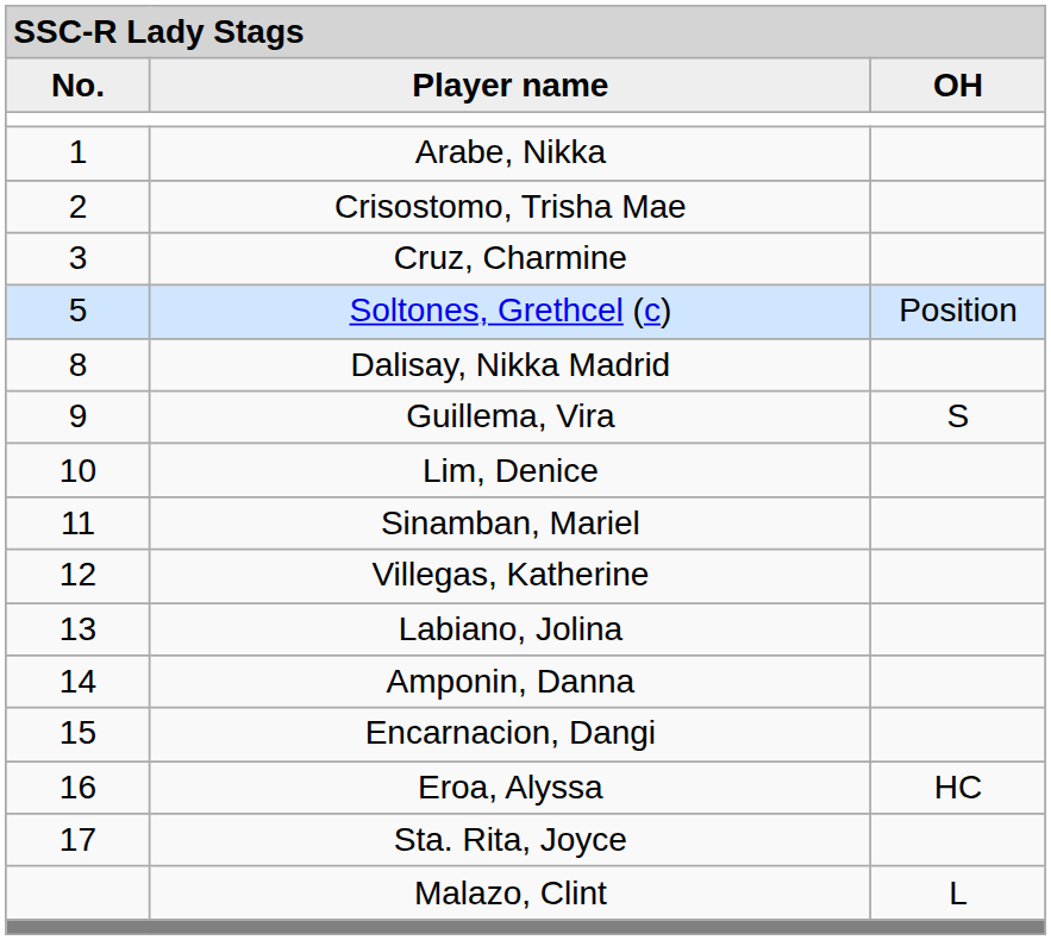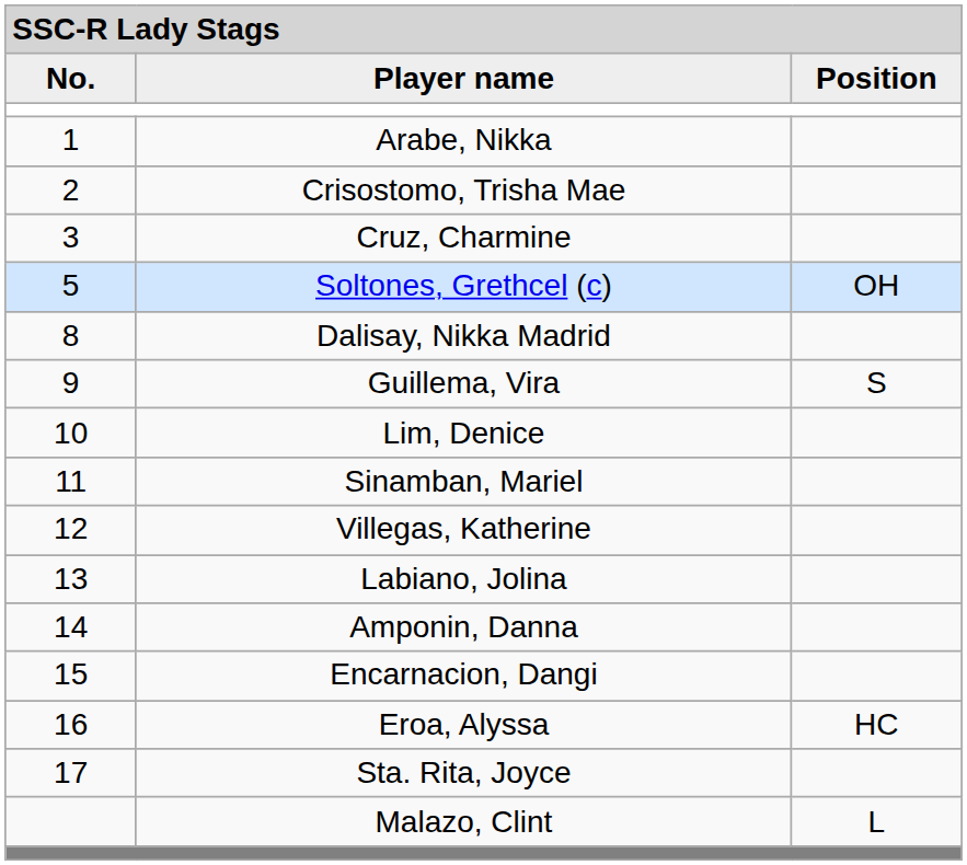 <table class='wikitable mw-collapsible mw-collapsed' style='text-align: center; width: 500px; border: none;'>
 <tr>
 <th style="background:#D4D4D4; text-align:left;" colspan=3> SSC-R Lady Stags</th>
 </tr>
 <tr style="background:#EEEEEE; font-weight:bold;">
 <td width=10%>No.</td>
 <td width=50%>Player name</td>
-<td align=center>OH</td>
+<td width=10%>Position</td>
 </tr>
 <tr style="background:#FFFFFF;">
 <td colspan=3 align=center></td>
 </tr>
 <tr>
 <td align=center>1</td>
 <td>Arabe, Nikka</td>
 <td align=center></td>
 </tr>
 <tr>
 <td align=center>2</td>
 <td>Crisostomo, Trisha Mae</td>
 <td align=center></td>
 </tr>
 <tr>
 <td align=center>3</td>
 <td>Cruz, Charmine</td>
 <td align=center></td>
 </tr>
 <tr style="background: #D0E6FF;">
 <td align=center>5</td>
 <td><a href='#'>Soltones, Grethcel</a> (<a href='#'>c</a>)</td>
-<td width=10%>Position</td>
+<td align=center>OH</td>
 </tr>
 <tr>
 <td align=center>8</td>
 <td>Dalisay, Nikka Madrid</td>
 <td align=center></td>
 </tr>
 <tr>
 <td align=center>9</td>
 <td>Guillema, Vira</td>
 <td align=center>S</td>
 </tr>
 <tr>
 <td align=center>10</td>
 <td>Lim, Denice</td>
 <td align=center></td>
 </tr>
 <tr>
 <td align=center>11</td>
 <td>Sinamban, Mariel</td>
 <td align=center></td>
 </tr>
 <tr>
 <td align=center>12</td>
 <td>Villegas, Katherine</td>
 <td align=center></td>
 </tr>
 <tr>
 <td align=center>13</td>
 <td>Labiano, Jolina</td>
 <td align=center></td>
 </tr>
 <tr>
 <td align=center>14</td>
 <td>Amponin, Danna</td>
 <td align=center></td>
 </tr>
 <tr>
 <td align=center>15</td>
 <td>Encarnacion, Dangi</td>
 <td align=center></td>
 </tr>
 <tr>
 <td align=center>16</td>
 <td>Eroa, Alyssa</td>
 <td align=center>HC</td>
 </tr>
 <tr>
 <td align=center>17</td>
 <td>Sta. Rita, Joyce</td>
 <td align=center></td>
 </tr>
 <tr>
 <td align=center></td>
 <td>Malazo, Clint</td>
 <td align=center>L</td>
 </tr>
 <tr>
 <th style='background: grey;' colspan=3></th>
 </tr>
 </table>
